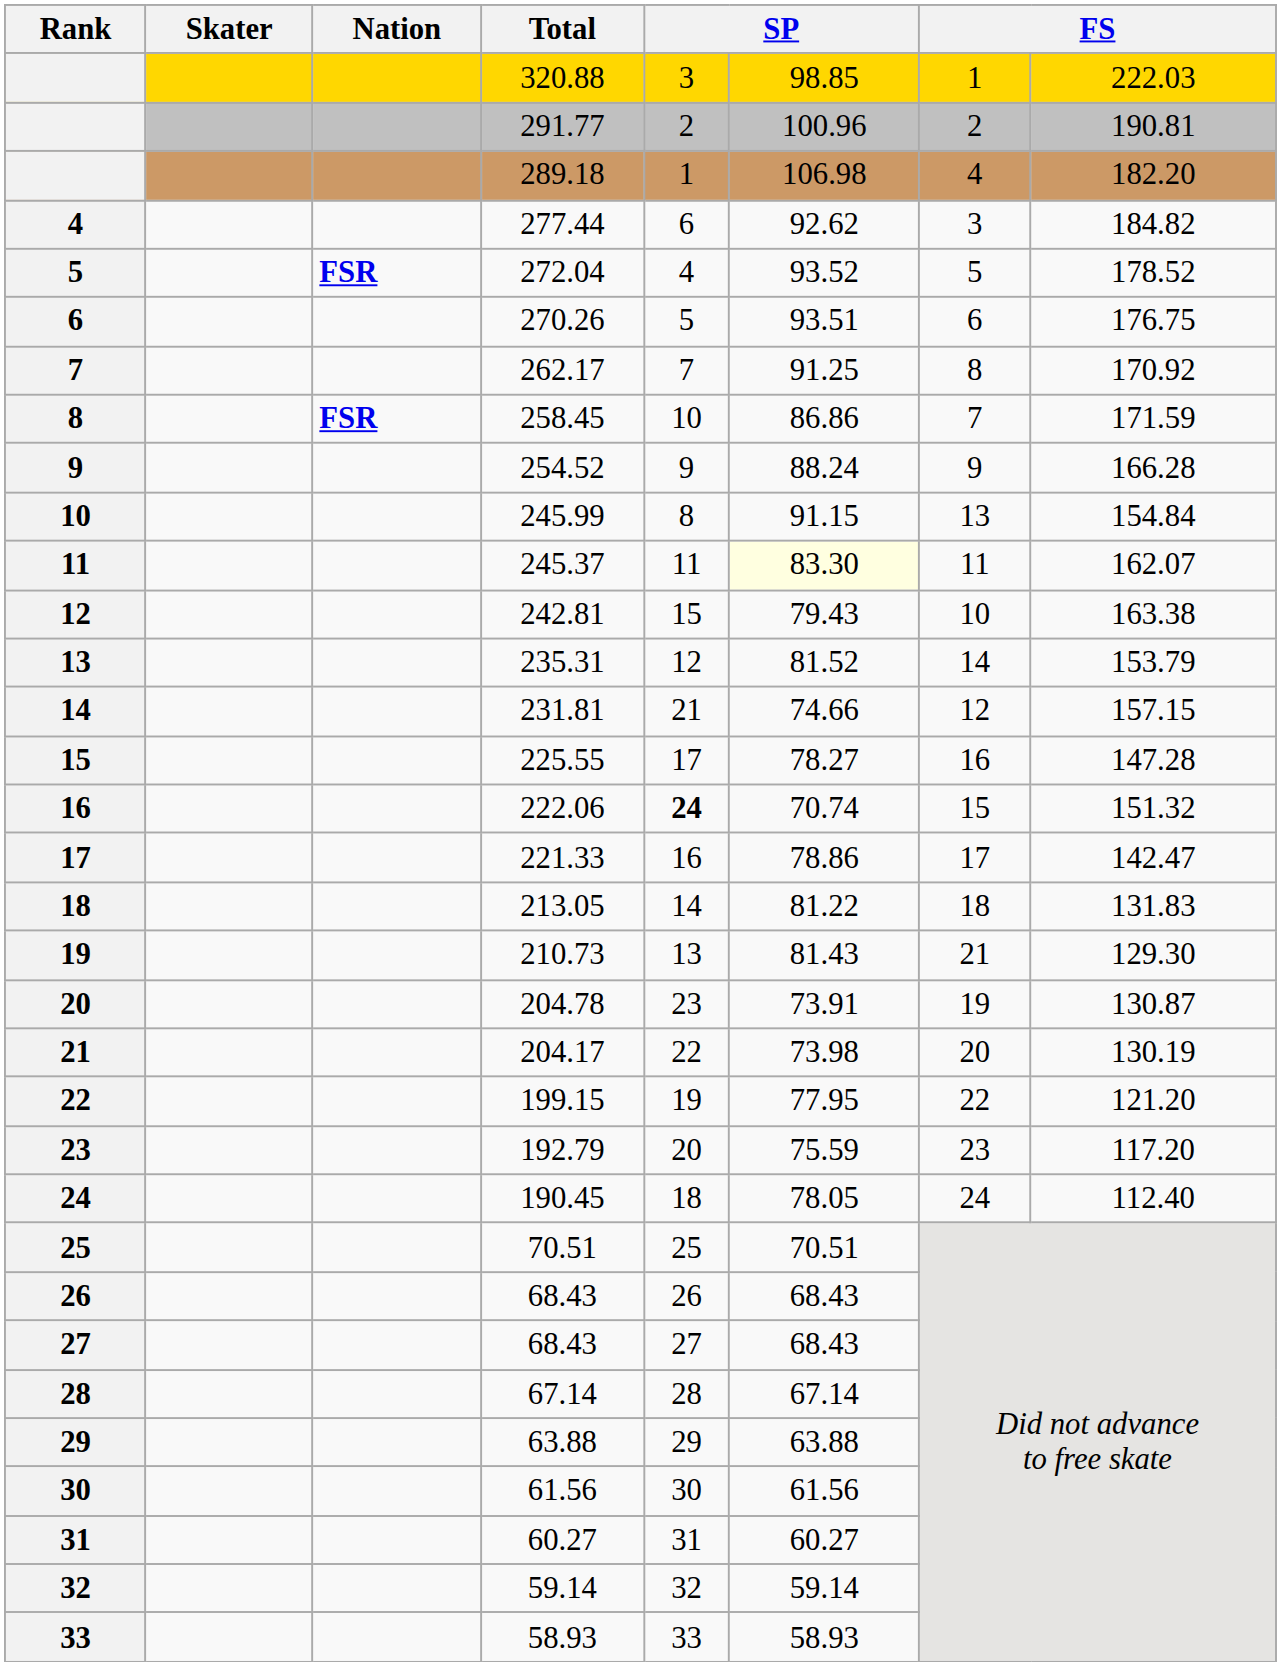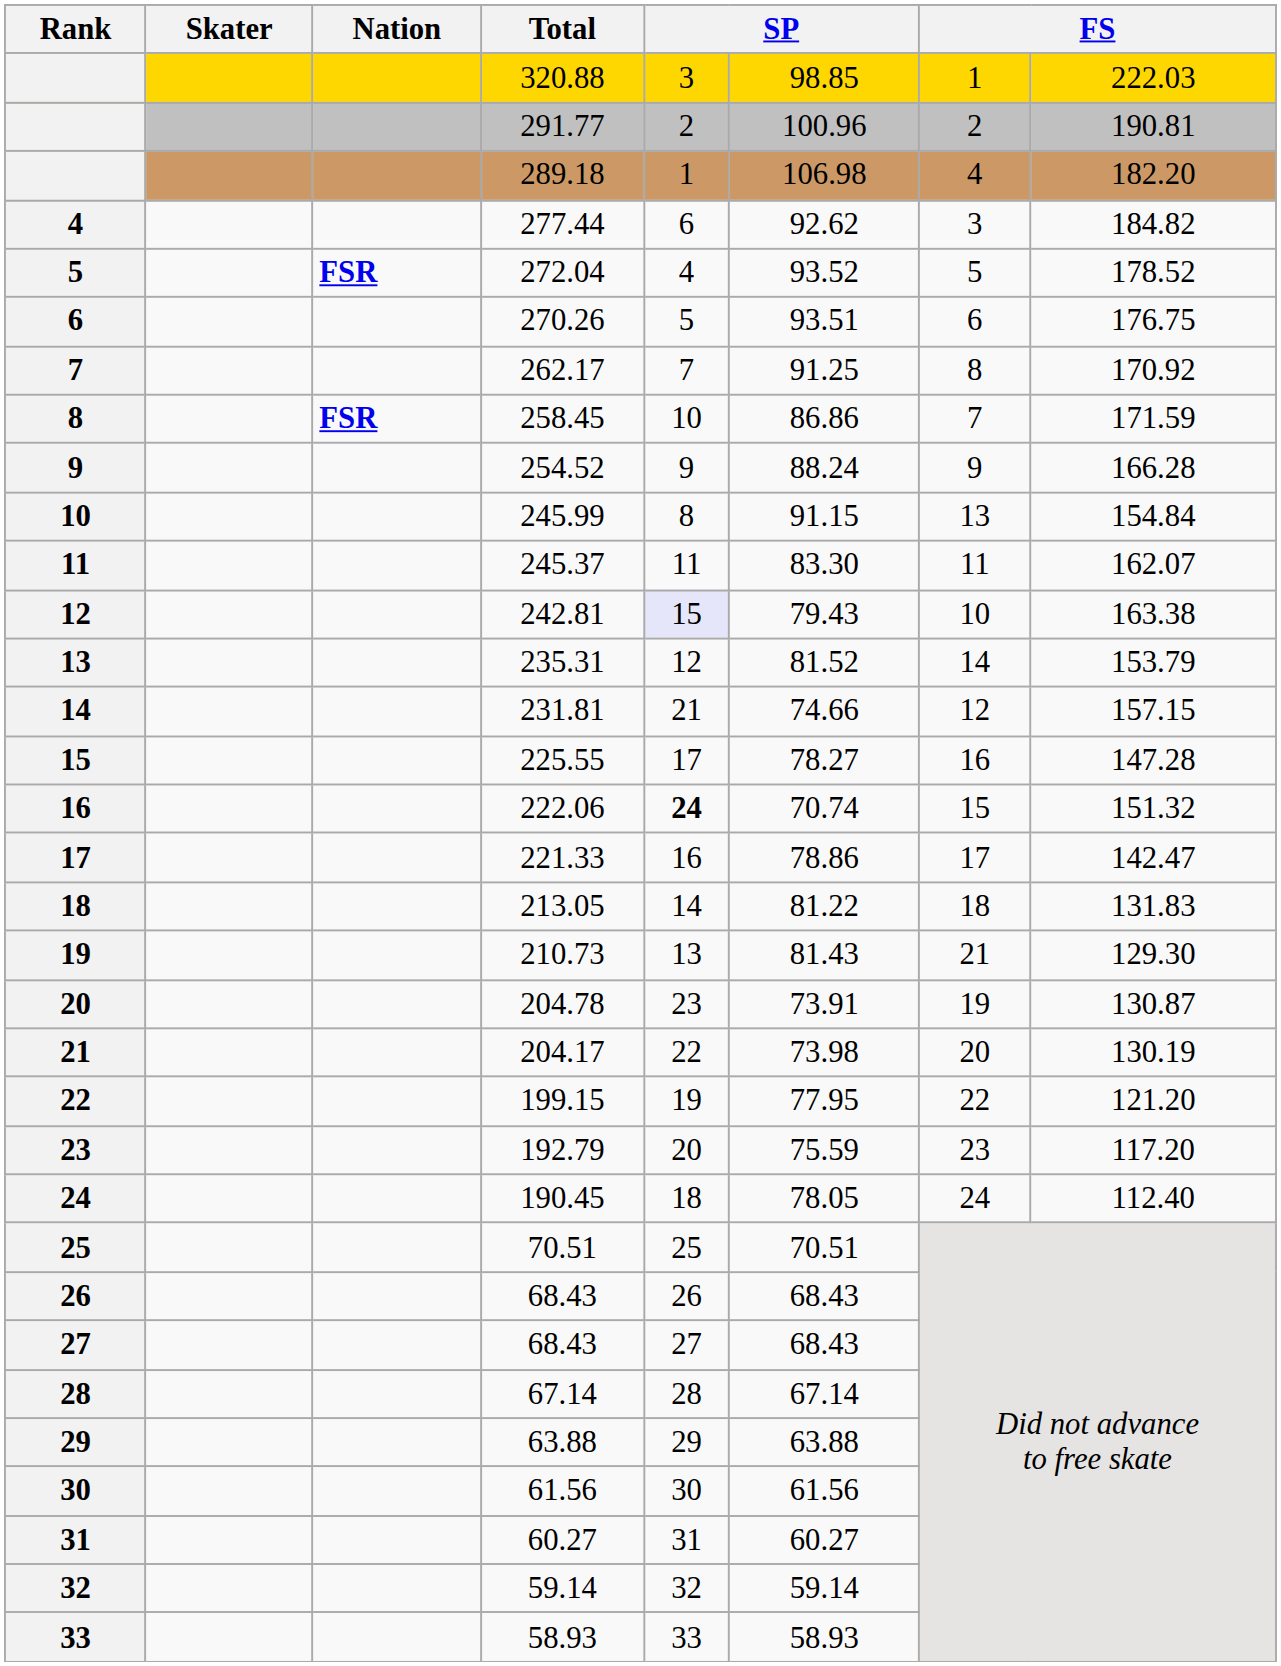 <table class="wikitable sortable" style="text-align:center; width:75%">
 <tr>
 <th scope="col">Rank</th>
 <th scope="col">Skater</th>
 <th scope="col">Nation</th>
 <th scope="col">Total</th>
 <th colspan="2" width="80px"><a href='#'>SP</a></th>
 <th colspan="2" width="80px"><a href='#'>FS</a></th>
 </tr>
 <tr bgcolor="gold">
 <th scope="row"></th>
 <td align="left"></td>
 <td align="left"></td>
 <td>320.88</td>
 <td>3</td>
 <td>98.85</td>
 <td>1</td>
 <td>222.03</td>
 </tr>
 <tr bgcolor="silver">
 <th scope="row"></th>
 <td align="left"></td>
 <td align="left"></td>
 <td>291.77</td>
 <td>2</td>
 <td>100.96</td>
 <td>2</td>
 <td>190.81</td>
 </tr>
 <tr bgcolor="#cc9966">
 <th scope="row"></th>
 <td align="left"></td>
 <td align="left"></td>
 <td>289.18</td>
 <td>1</td>
 <td>106.98</td>
 <td>4</td>
 <td>182.20</td>
 </tr>
 <tr>
 <th scope="row">4</th>
 <td align="left"></td>
 <td align="left"></td>
 <td>277.44</td>
 <td>6</td>
 <td>92.62</td>
 <td>3</td>
 <td>184.82</td>
 </tr>
 <tr>
 <th scope="row">5</th>
 <td align="left"></td>
 <td align="left"><strong><a href='#'>FSR</a></strong></td>
 <td>272.04</td>
 <td>4</td>
 <td>93.52</td>
 <td>5</td>
 <td>178.52</td>
 </tr>
 <tr>
 <th scope="row">6</th>
 <td align="left"></td>
 <td align="left"></td>
 <td>270.26</td>
 <td>5</td>
 <td>93.51</td>
 <td>6</td>
 <td>176.75</td>
 </tr>
 <tr>
 <th scope="row">7</th>
 <td align="left"></td>
 <td align="left"></td>
 <td>262.17</td>
 <td>7</td>
 <td>91.25</td>
 <td>8</td>
 <td>170.92</td>
 </tr>
 <tr>
 <th scope="row">8</th>
 <td align="left"></td>
 <td align="left"><strong><a href='#'>FSR</a></strong></td>
 <td>258.45</td>
 <td>10</td>
 <td>86.86</td>
 <td>7</td>
 <td>171.59</td>
 </tr>
 <tr>
 <th scope="row">9</th>
 <td align="left"></td>
 <td align="left"></td>
 <td>254.52</td>
 <td>9</td>
 <td>88.24</td>
 <td>9</td>
 <td>166.28</td>
 </tr>
 <tr>
 <th scope="row">10</th>
 <td align="left"></td>
 <td align="left"></td>
 <td>245.99</td>
 <td>8</td>
 <td>91.15</td>
 <td>13</td>
 <td>154.84</td>
 </tr>
 <tr>
 <th scope="row">11</th>
 <td align="left"></td>
 <td align="left"></td>
 <td>245.37</td>
 <td>11</td>
-<td style="background: lightyellow;">83.30</td>
+<td>83.30</td>
 <td>11</td>
 <td>162.07</td>
 </tr>
 <tr>
 <th scope="row">12</th>
 <td align="left"></td>
 <td align="left"></td>
 <td>242.81</td>
-<td>15</td>
+<td style="background: lavender;">15</td>
 <td>79.43</td>
 <td>10</td>
 <td>163.38</td>
 </tr>
 <tr>
 <th scope="row">13</th>
 <td align="left"></td>
 <td align="left"></td>
 <td>235.31</td>
 <td>12</td>
 <td>81.52</td>
 <td>14</td>
 <td>153.79</td>
 </tr>
 <tr>
 <th scope="row">14</th>
 <td align="left"></td>
 <td align="left"></td>
 <td>231.81</td>
 <td>21</td>
 <td>74.66</td>
 <td>12</td>
 <td>157.15</td>
 </tr>
 <tr>
 <th scope="row">15</th>
 <td align="left"></td>
 <td align="left"></td>
 <td>225.55</td>
 <td>17</td>
 <td>78.27</td>
 <td>16</td>
 <td>147.28</td>
 </tr>
 <tr>
 <th scope="row">16</th>
 <td align="left"></td>
 <td align="left"></td>
 <td>222.06</td>
 <td><strong>24</strong></td>
 <td>70.74</td>
 <td>15</td>
 <td>151.32</td>
 </tr>
 <tr>
 <th scope="row">17</th>
 <td align="left"></td>
 <td align="left"></td>
 <td>221.33</td>
 <td>16</td>
 <td>78.86</td>
 <td>17</td>
 <td>142.47</td>
 </tr>
 <tr>
 <th scope="row">18</th>
 <td align="left"></td>
 <td align="left"></td>
 <td>213.05</td>
 <td>14</td>
 <td>81.22</td>
 <td>18</td>
 <td>131.83</td>
 </tr>
 <tr>
 <th scope="row">19</th>
 <td align="left"></td>
 <td align="left"></td>
 <td>210.73</td>
 <td>13</td>
 <td>81.43</td>
 <td>21</td>
 <td>129.30</td>
 </tr>
 <tr>
 <th scope="row">20</th>
 <td align="left"></td>
 <td align="left"></td>
 <td>204.78</td>
 <td>23</td>
 <td>73.91</td>
 <td>19</td>
 <td>130.87</td>
 </tr>
 <tr>
 <th scope="row">21</th>
 <td align="left"></td>
 <td align="left"></td>
 <td>204.17</td>
 <td>22</td>
 <td>73.98</td>
 <td>20</td>
 <td>130.19</td>
 </tr>
 <tr>
 <th scope="row">22</th>
 <td align="left"></td>
 <td align="left"></td>
 <td>199.15</td>
 <td>19</td>
 <td>77.95</td>
 <td>22</td>
 <td>121.20</td>
 </tr>
 <tr>
 <th scope="row">23</th>
 <td align="left"></td>
 <td align="left"></td>
 <td>192.79</td>
 <td>20</td>
 <td>75.59</td>
 <td>23</td>
 <td>117.20</td>
 </tr>
 <tr>
 <th scope="row">24</th>
 <td align="left"></td>
 <td align="left"></td>
 <td>190.45</td>
 <td>18</td>
 <td>78.05</td>
 <td>24</td>
 <td>112.40</td>
 </tr>
 <tr>
 <th scope="row">25</th>
 <td align="left"></td>
 <td align="left"></td>
 <td>70.51</td>
 <td>25</td>
 <td>70.51</td>
 <td colspan="2" rowspan="9" align="center" bgcolor="e5e4e2"><em>Did not advance<br>to free skate</em></td>
 </tr>
 <tr>
 <th scope="row">26</th>
 <td align="left"></td>
 <td align="left"></td>
 <td>68.43</td>
 <td>26</td>
 <td>68.43</td>
 </tr>
 <tr>
 <th scope="row">27</th>
 <td align="left"></td>
 <td align="left"></td>
 <td>68.43</td>
 <td>27</td>
 <td>68.43</td>
 </tr>
 <tr>
 <th scope="row">28</th>
 <td align="left"></td>
 <td align="left"></td>
 <td>67.14</td>
 <td>28</td>
 <td>67.14</td>
 </tr>
 <tr>
 <th scope="row">29</th>
 <td align="left"></td>
 <td align="left"></td>
 <td>63.88</td>
 <td>29</td>
 <td>63.88</td>
 </tr>
 <tr>
 <th scope="row">30</th>
 <td align="left"></td>
 <td align="left"></td>
 <td>61.56</td>
 <td>30</td>
 <td>61.56</td>
 </tr>
 <tr>
 <th scope="row">31</th>
 <td align="left"></td>
 <td align="left"></td>
 <td>60.27</td>
 <td>31</td>
 <td>60.27</td>
 </tr>
 <tr>
 <th scope="row">32</th>
 <td align="left"></td>
 <td align="left"></td>
 <td>59.14</td>
 <td>32</td>
 <td>59.14</td>
 </tr>
 <tr>
 <th scope="row">33</th>
 <td align="left"></td>
 <td align="left"></td>
 <td>58.93</td>
 <td>33</td>
 <td>58.93</td>
 </tr>
 </table>
